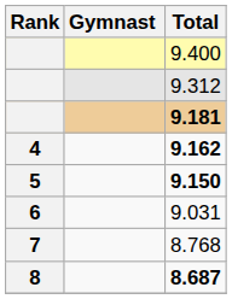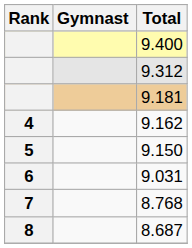 <table class="wikitable sortable" style="text-align:center; font-size:95%">
 <tr>
 <th scope=col>Rank</th>
 <th scope=col>Gymnast </th>
 <th scope=col>Total</th>
 </tr>
 <tr bgcolor=fffcaf>
 <th scope=row style="text-align:center"></th>
 <td align=left> </td>
 <td>9.400</td>
 </tr>
 <tr bgcolor=e5e5e5>
 <th scope=row style="text-align:center"></th>
 <td align=left> </td>
 <td>9.312</td>
 </tr>
 <tr bgcolor=eecc99>
 <th scope=row style="text-align:center"></th>
 <td align=left> </td>
-<td><strong>9.181</strong></td>
+<td>9.181</td>
 </tr>
 <tr>
 <th scope=row style="text-align:center">4</th>
 <td align=left> </td>
-<td><strong>9.162</strong></td>
+<td>9.162</td>
 </tr>
 <tr>
 <th scope=row style="text-align:center">5</th>
 <td align=left> </td>
-<td><strong>9.150</strong></td>
+<td>9.150</td>
 </tr>
 <tr>
 <th scope=row style="text-align:center">6</th>
 <td align=left> </td>
 <td>9.031</td>
 </tr>
 <tr>
 <th scope=row style="text-align:center">7</th>
 <td align=left> </td>
 <td>8.768</td>
 </tr>
 <tr>
 <th scope=row style="text-align:center">8</th>
 <td align=left> </td>
-<td><strong>8.687</strong></td>
+<td>8.687</td>
 </tr>
 <tr>
 </tr>
 </table>
